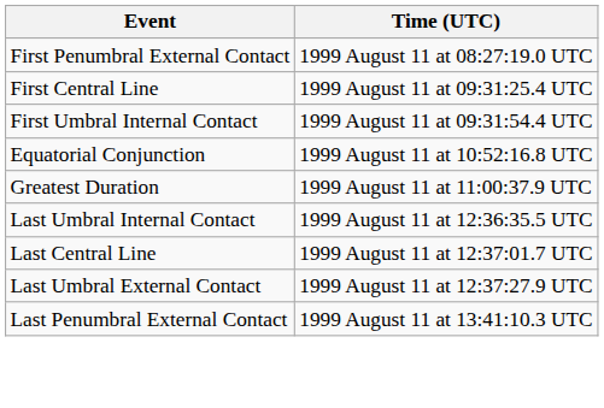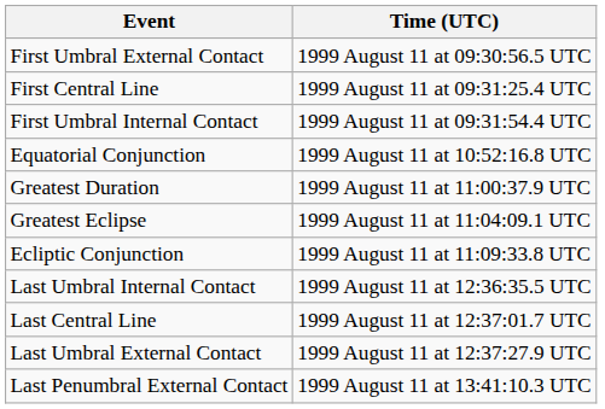 <table class="wikitable">
 <tr>
 <th>Event</th>
 <th>Time (UTC)</th>
 </tr>
 <tr>
-<td>First Penumbral External Contact</td>
-<td>1999 August 11 at 08:27:19.0 UTC</td>
+<td>First Umbral External Contact</td>
+<td>1999 August 11 at 09:30:56.5 UTC</td>
 </tr>
 <tr>
 <td>First Central Line</td>
 <td>1999 August 11 at 09:31:25.4 UTC</td>
 </tr>
 <tr>
 <td>First Umbral Internal Contact</td>
 <td>1999 August 11 at 09:31:54.4 UTC</td>
 </tr>
 <tr>
 <td>Equatorial Conjunction</td>
 <td>1999 August 11 at 10:52:16.8 UTC</td>
 </tr>
 <tr>
 <td>Greatest Duration</td>
 <td>1999 August 11 at 11:00:37.9 UTC</td>
 </tr>
 <tr>
+<td>Greatest Eclipse</td>
+<td>1999 August 11 at 11:04:09.1 UTC</td>
+</tr>
+<tr>
+<td>Ecliptic Conjunction</td>
+<td>1999 August 11 at 11:09:33.8 UTC</td>
+</tr>
+<tr>
 <td>Last Umbral Internal Contact</td>
 <td>1999 August 11 at 12:36:35.5 UTC</td>
 </tr>
 <tr>
 <td>Last Central Line</td>
 <td>1999 August 11 at 12:37:01.7 UTC</td>
 </tr>
 <tr>
 <td>Last Umbral External Contact</td>
 <td>1999 August 11 at 12:37:27.9 UTC</td>
 </tr>
 <tr>
 <td>Last Penumbral External Contact</td>
 <td>1999 August 11 at 13:41:10.3 UTC</td>
 </tr>
 </table>
